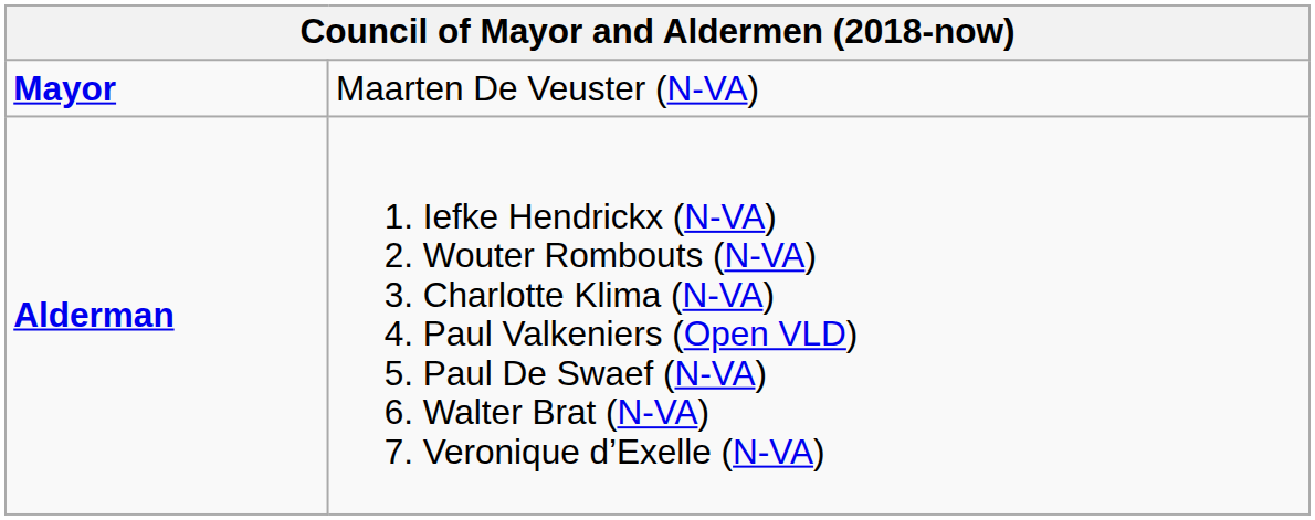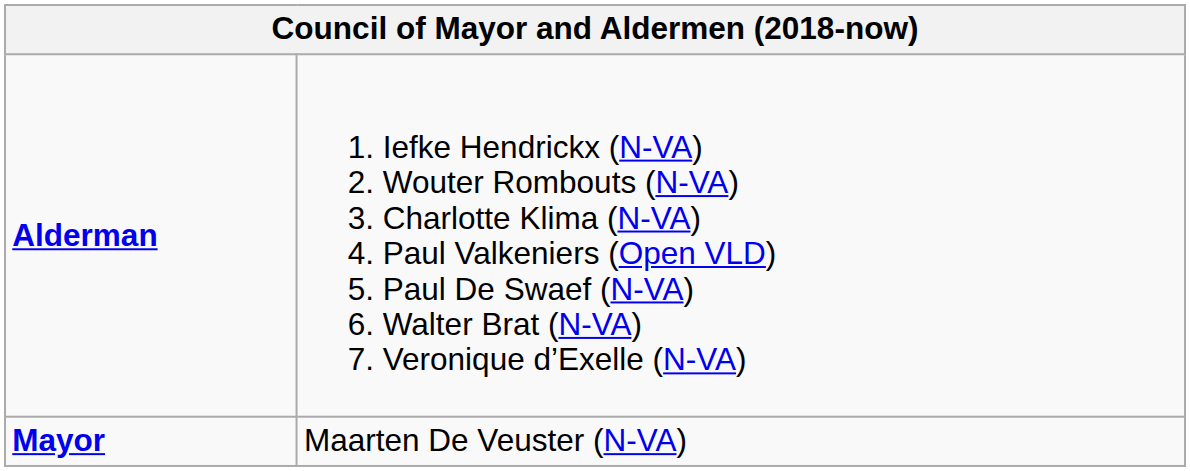 <table class="wikitable" style="width:600px;">
 <tr>
 <th colspan="2">Council of Mayor and Aldermen (2018-now)</th>
 </tr>
 <tr>
+<td><strong><a href='#'>Alderman</a></strong></td>
+<td><br><ol><li>Iefke Hendrickx (<a href='#'>N-VA</a>)</li><li>Wouter Rombouts (<a href='#'>N-VA</a>)</li><li>Charlotte Klima (<a href='#'>N-VA</a>)</li><li>Paul Valkeniers (<a href='#'>Open VLD</a>)</li><li>Paul De Swaef (<a href='#'>N-VA</a>)</li><li>Walter Brat (<a href='#'>N-VA</a>)</li><li>Veronique d’Exelle (<a href='#'>N-VA</a>)</li></ol></td>
+</tr>
+<tr>
 <td><strong><a href='#'>Mayor</a></strong></td>
 <td>Maarten De Veuster (<a href='#'>N-VA</a>)</td>
 </tr>
-<tr>
-<td><strong><a href='#'>Alderman</a></strong></td>
-<td><br><ol><li>Iefke Hendrickx (<a href='#'>N-VA</a>)</li><li>Wouter Rombouts (<a href='#'>N-VA</a>)</li><li>Charlotte Klima (<a href='#'>N-VA</a>)</li><li>Paul Valkeniers (<a href='#'>Open VLD</a>)</li><li>Paul De Swaef (<a href='#'>N-VA</a>)</li><li>Walter Brat (<a href='#'>N-VA</a>)</li><li>Veronique d’Exelle (<a href='#'>N-VA</a>)</li></ol></td>
-</tr>
 </table>
